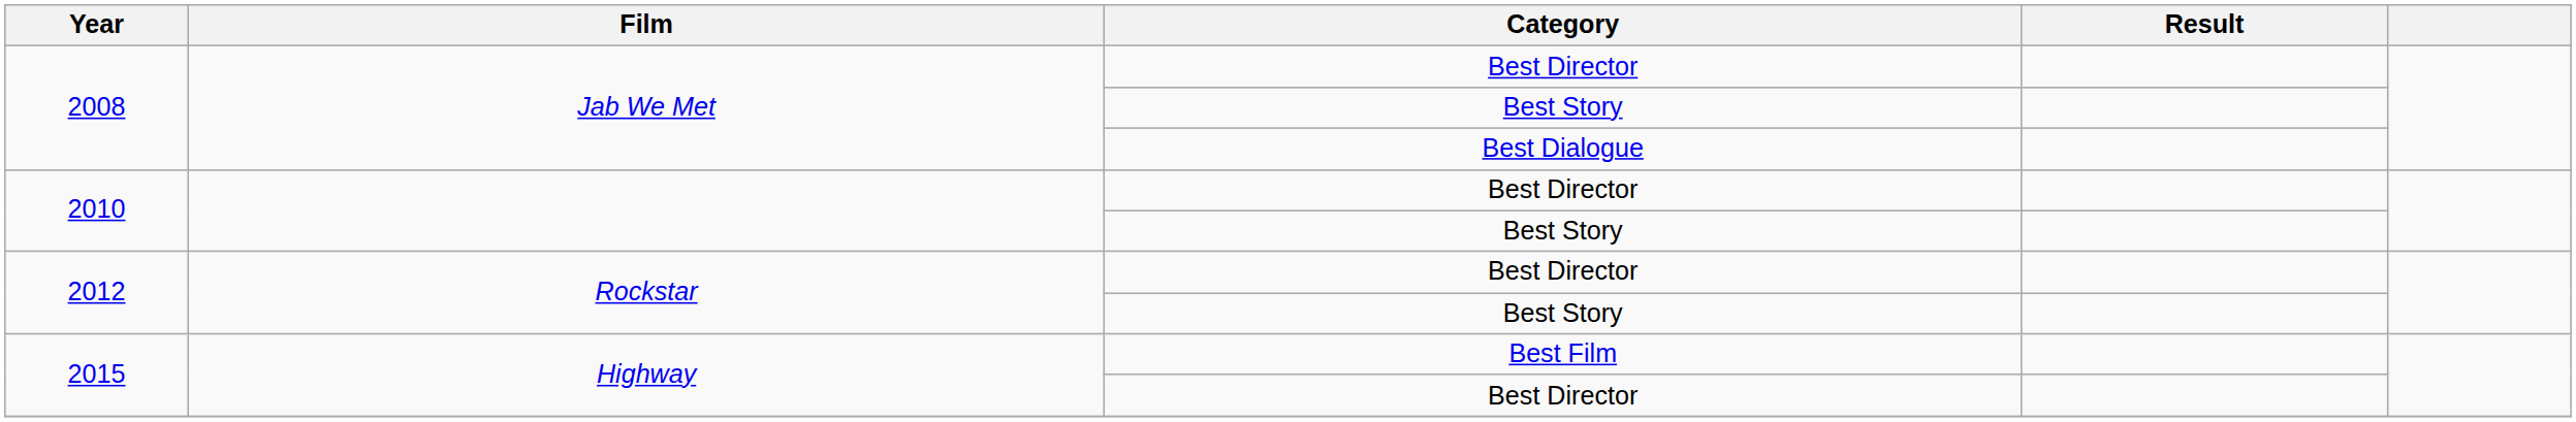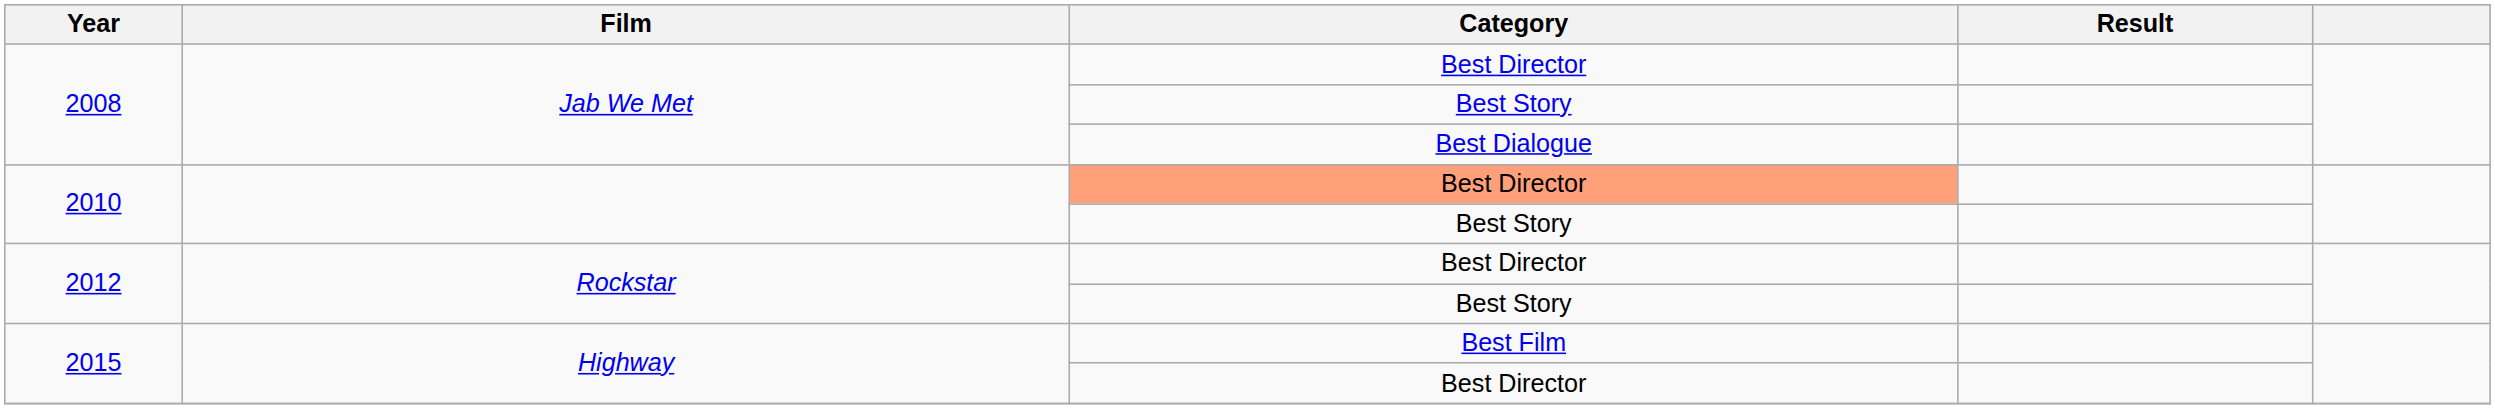 <table class="wikitable" style="width:100%;">
 <tr>
 <th style="width:5%;">Year</th>
 <th style="width:25%;">Film</th>
 <th style="width:25%;">Category</th>
 <th style="width:10%;">Result</th>
 <th style="width:5%;"></th>
 </tr>
 <tr>
 <td style="text-align:center;" rowspan="3"><a href='#'>2008</a></td>
 <td style="text-align:center;" rowspan="3"><em><a href='#'>Jab We Met</a></em></td>
 <td style="text-align:center;"><a href='#'>Best Director</a></td>
 <td></td>
 <td rowspan="3"></td>
 </tr>
 <tr>
 <td style="text-align:center;"><a href='#'>Best Story</a></td>
 <td></td>
 </tr>
 <tr>
 <td style="text-align:center;"><a href='#'>Best Dialogue</a></td>
 <td></td>
 </tr>
 <tr>
 <td style="text-align:center;" rowspan="2"><a href='#'>2010</a></td>
 <td style="text-align:center;" rowspan="2"></td>
-<td style="text-align:center;">Best Director</td>
+<td style="background: lightsalmon; text-align:center;">Best Director</td>
 <td></td>
 <td rowspan="2"></td>
 </tr>
 <tr>
 <td style="text-align:center;">Best Story</td>
 <td></td>
 </tr>
 <tr>
 <td style="text-align:center;" rowspan="2"><a href='#'>2012</a></td>
 <td style="text-align:center;" rowspan="2"><em><a href='#'>Rockstar</a></em></td>
 <td style="text-align:center;">Best Director</td>
 <td></td>
 <td rowspan="2"></td>
 </tr>
 <tr>
 <td style="text-align:center;">Best Story</td>
 <td></td>
 </tr>
 <tr>
 <td style="text-align:center;" rowspan="2"><a href='#'>2015</a></td>
 <td style="text-align:center;" rowspan="2"><em><a href='#'>Highway</a></em></td>
 <td style="text-align:center;"><a href='#'>Best Film</a></td>
 <td></td>
 <td rowspan="2"></td>
 </tr>
 <tr>
 <td style="text-align:center;">Best Director</td>
 <td></td>
 </tr>
 <tr>
 </tr>
 </table>
